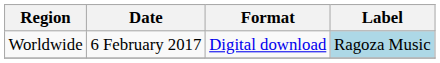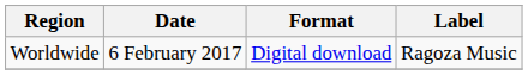 <table class=wikitable>
 <tr>
 <th>Region</th>
 <th>Date</th>
 <th>Format</th>
 <th>Label</th>
 </tr>
 <tr>
 <td>Worldwide</td>
 <td>6 February 2017</td>
 <td><a href='#'>Digital download</a></td>
-<td style="background: lightblue;">Ragoza Music</td>
+<td>Ragoza Music</td>
 </tr>
 <tr>
 </tr>
 </table>
